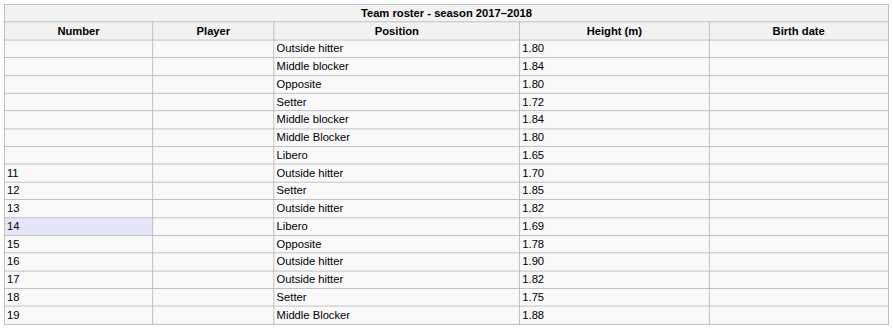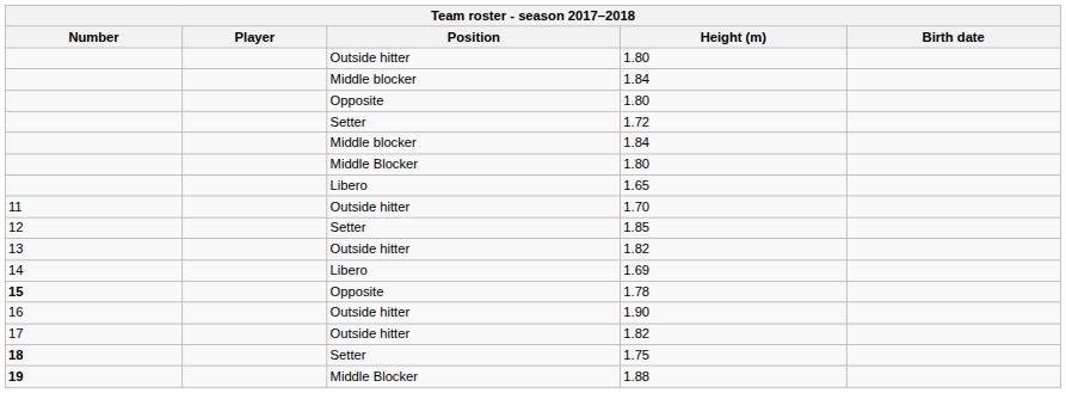 <table class="wikitable collapsible collapsed" style="width:100%;">
 <tr>
 <th colspan=6><strong>Team roster - season 2017–2018</strong></th>
 </tr>
 <tr>
 <th>Number</th>
 <th>Player</th>
 <th>Position</th>
 <th>Height (m)</th>
 <th>Birth date</th>
 </tr>
 <tr>
 <td></td>
 <td align=left> </td>
 <td>Outside hitter</td>
 <td>1.80</td>
 <td align=right></td>
 </tr>
 <tr>
 <td></td>
 <td align=left> </td>
 <td>Middle blocker</td>
 <td>1.84</td>
 <td align=right></td>
 </tr>
 <tr>
 <td></td>
 <td align=left> </td>
 <td>Opposite</td>
 <td>1.80</td>
 <td align=right></td>
 </tr>
 <tr>
 <td></td>
 <td align=left> </td>
 <td>Setter</td>
 <td>1.72</td>
 <td align=right></td>
 </tr>
 <tr>
 <td></td>
 <td align=left> </td>
 <td>Middle blocker</td>
 <td>1.84</td>
 <td align=right></td>
 </tr>
 <tr>
 <td></td>
 <td align=left> </td>
 <td>Middle Blocker</td>
 <td>1.80</td>
 <td align=right></td>
 </tr>
 <tr>
 <td></td>
 <td align=left> </td>
 <td>Libero</td>
 <td>1.65</td>
 <td align=right></td>
 </tr>
 <tr>
 <td>11</td>
 <td align=left> </td>
 <td>Outside hitter</td>
 <td>1.70</td>
 <td align=right></td>
 </tr>
 <tr>
 <td>12</td>
 <td align=left> </td>
 <td>Setter</td>
 <td>1.85</td>
 <td align=right></td>
 </tr>
 <tr>
 <td>13</td>
 <td align=left> </td>
 <td>Outside hitter</td>
 <td>1.82</td>
 <td align=right></td>
 </tr>
 <tr>
-<td style="background: lavender;">14</td>
+<td>14</td>
 <td align=left> </td>
 <td>Libero</td>
 <td>1.69</td>
 <td align=right></td>
 </tr>
 <tr>
-<td>15</td>
+<td><strong>15</strong></td>
 <td align=left> </td>
 <td>Opposite</td>
 <td>1.78</td>
 <td align=right></td>
 </tr>
 <tr>
 <td>16</td>
 <td align=left> </td>
 <td>Outside hitter</td>
 <td>1.90</td>
 <td align=right></td>
 </tr>
 <tr>
 <td>17</td>
 <td align=left> </td>
 <td>Outside hitter</td>
 <td>1.82</td>
 <td align=right></td>
 </tr>
 <tr>
-<td>18</td>
+<td><strong>18</strong></td>
 <td align=left> </td>
 <td>Setter</td>
 <td>1.75</td>
 <td align=right></td>
 </tr>
 <tr>
-<td>19</td>
+<td><strong>19</strong></td>
 <td align=left> </td>
 <td>Middle Blocker</td>
 <td>1.88</td>
 <td align=right></td>
 </tr>
 </table>
